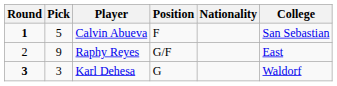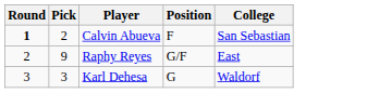 <table class="wikitable sortable sortable">
 <tr>
 <th>Round</th>
 <th>Pick</th>
 <th>Player</th>
 <th>Position</th>
-<th>Nationality</th>
 <th>College</th>
 </tr>
 <tr>
 <td align=center><strong>1</strong></td>
-<td align=center>5</td>
+<td align=center>2</td>
 <td><a href='#'>Calvin Abueva</a></td>
 <td>F</td>
-<td></td>
 <td><a href='#'>San Sebastian</a></td>
 </tr>
 <tr>
 <td align=center>2</td>
 <td align=center>9</td>
 <td><a href='#'>Raphy Reyes</a></td>
 <td>G/F</td>
-<td></td>
 <td><a href='#'>East</a></td>
 </tr>
 <tr>
-<td align=center><strong>3</strong></td>
+<td align=center>3</td>
 <td align=center>3</td>
 <td><a href='#'>Karl Dehesa</a></td>
 <td>G</td>
-<td></td>
 <td><a href='#'>Waldorf</a></td>
 </tr>
 </table>
